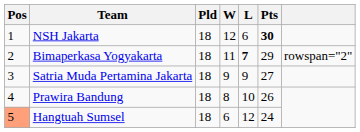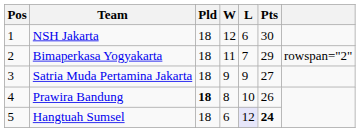 <table class="wikitable">
 <tr>
 <th>Pos</th>
 <th>Team</th>
 <th>Pld</th>
 <th>W</th>
 <th>L</th>
 <th>Pts</th>
 <th></th>
 </tr>
 <tr>
 <td>1</td>
 <td><a href='#'>NSH Jakarta</a></td>
 <td>18</td>
 <td>12</td>
 <td>6</td>
-<td><strong>30</strong></td>
+<td>30</td>
 <td></td>
 </tr>
 <tr>
 <td>2</td>
 <td><a href='#'>Bimaperkasa Yogyakarta</a></td>
 <td>18</td>
 <td>11</td>
-<td><strong>7</strong></td>
+<td>7</td>
 <td>29</td>
 <td>rowspan="2" </td>
 </tr>
 <tr>
 <td>3</td>
 <td><a href='#'>Satria Muda Pertamina Jakarta</a></td>
 <td>18</td>
 <td>9</td>
 <td>9</td>
 <td>27</td>
 </tr>
 <tr>
 <td>4</td>
 <td><a href='#'>Prawira Bandung</a></td>
-<td>18</td>
+<td><strong>18</strong></td>
 <td>8</td>
 <td>10</td>
 <td>26</td>
 <td rowspan="2"></td>
 </tr>
 <tr>
-<td style="background: lightsalmon;">5</td>
+<td>5</td>
 <td><a href='#'>Hangtuah Sumsel</a></td>
 <td>18</td>
 <td>6</td>
-<td>12</td>
-<td>24</td>
+<td style="background: lavender;">12</td>
+<td><strong>24</strong></td>
 </tr>
 </table>
